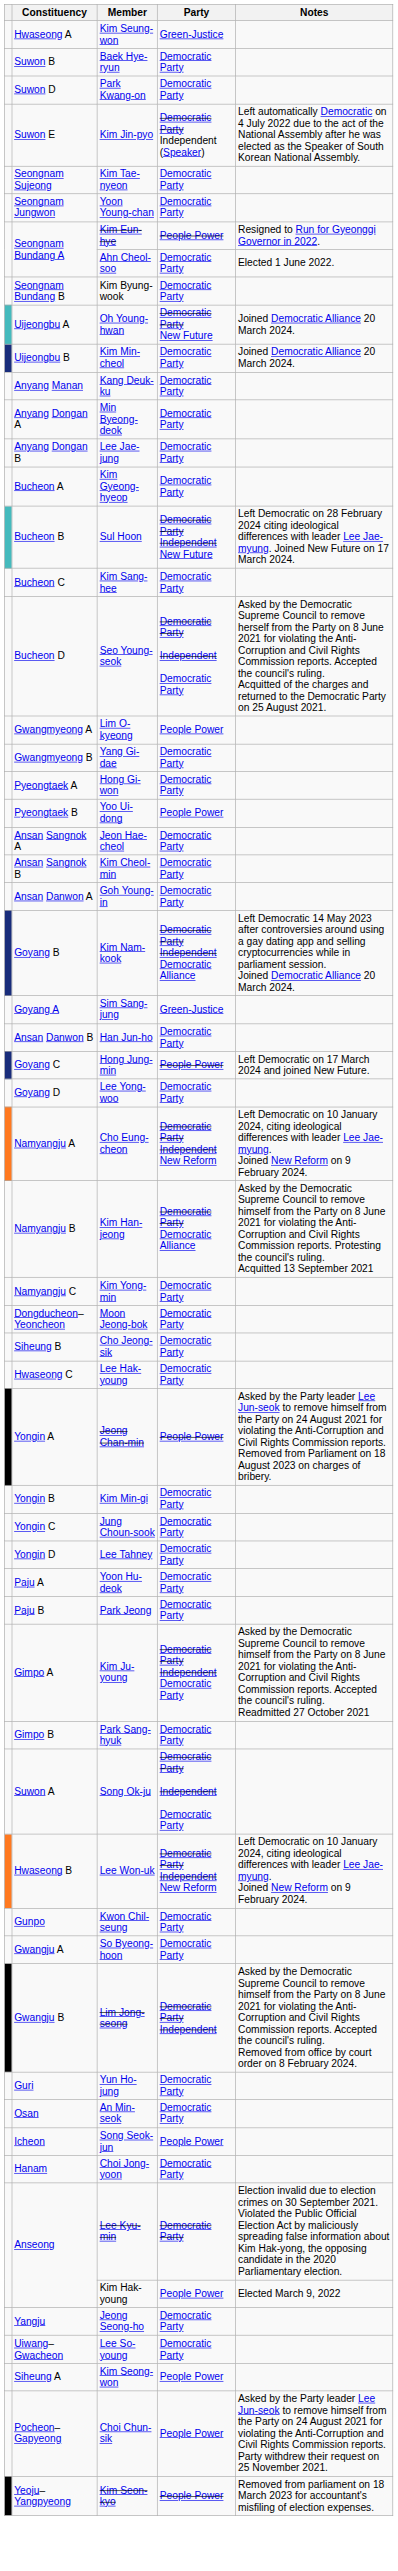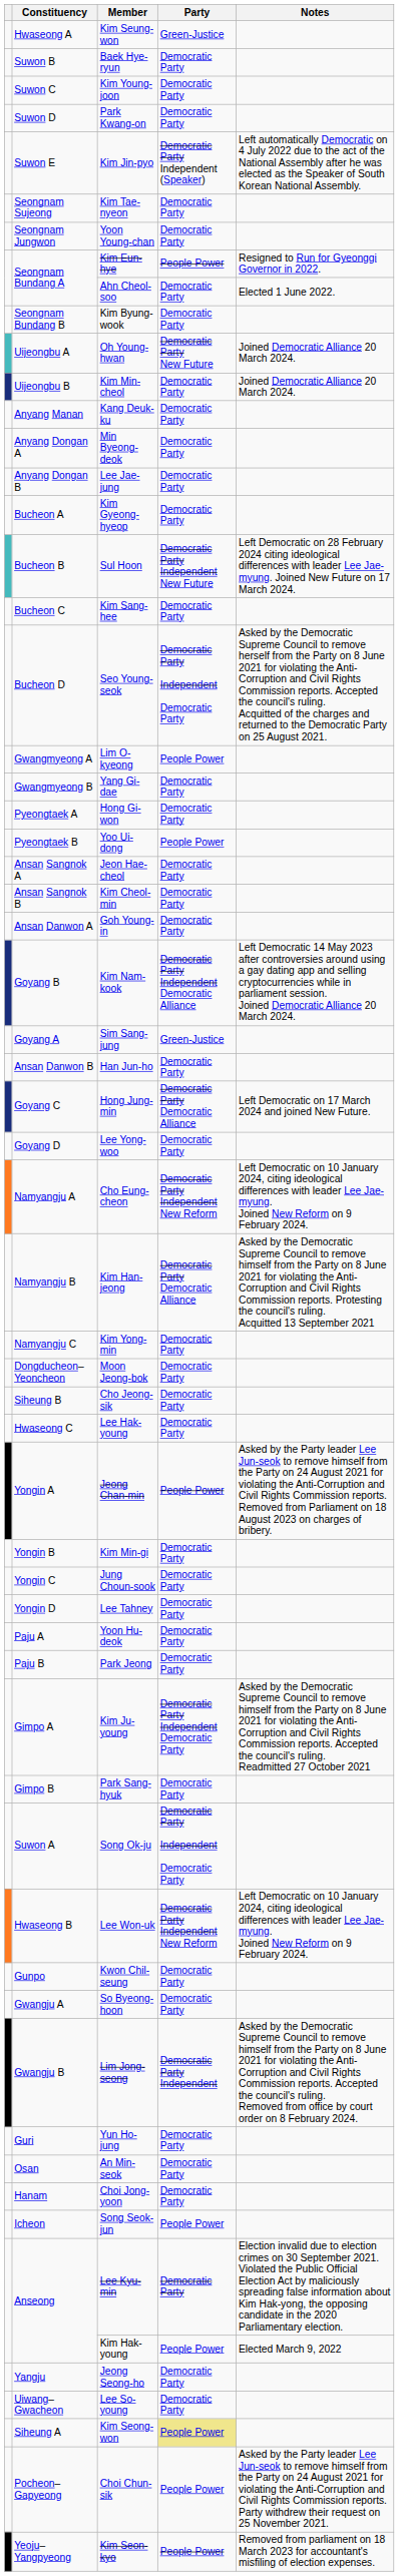 <table class="wikitable sortable">
 <tr>
 <th scope="col" style="width:10px;" class="unsortable"></th>
 <th scope="col" style="width:150px;">Constituency</th>
 <th scope="col" style="width:120px;">Member</th>
 <th scope="col" style="width:150px;">Party</th>
 <th scope="col" style="width:400px;" class="unsortable">Notes</th>
 </tr>
 <tr>
 <td scope="row" style="background-color:"></td>
 <td><a href='#'>Hwaseong</a> A</td>
 <td><a href='#'>Kim Seung-won</a></td>
 <td><a href='#'>Green-Justice</a></td>
 <td></td>
 </tr>
 <tr>
 <td scope="row" style="background-color:"></td>
 <td><a href='#'>Suwon</a> B</td>
 <td><a href='#'>Baek Hye-ryun</a></td>
+<td><a href='#'>Democratic Party</a></td>
+<td></td>
+</tr>
+<tr>
+<td scope="row" style="background-color:"></td>
+<td><a href='#'>Suwon</a> C</td>
+<td><a href='#'>Kim Young-joon</a></td>
 <td><a href='#'>Democratic Party</a></td>
 <td></td>
 </tr>
 <tr>
 <td scope="row" style="background-color:"></td>
 <td><a href='#'>Suwon</a> D</td>
 <td><a href='#'>Park Kwang-on</a></td>
 <td><a href='#'>Democratic Party</a></td>
 <td></td>
 </tr>
 <tr>
 <td scope="row" style="background-color:"></td>
 <td><a href='#'>Suwon</a> E</td>
 <td><a href='#'>Kim Jin-pyo</a></td>
 <td><s> <a href='#'>Democratic Party</a> </s> <br> Independent (<a href='#'>Speaker</a>)</td>
 <td>Left automatically <a href='#'>Democratic</a> on 4 July 2022 due to the act of the National Assembly after he was elected as the Speaker of South Korean National Assembly.</td>
 </tr>
 <tr>
 <td scope="row" style="background-color:"></td>
 <td><a href='#'>Seongnam</a> <a href='#'>Sujeong</a></td>
 <td><a href='#'>Kim Tae-nyeon</a></td>
 <td><a href='#'>Democratic Party</a></td>
 <td></td>
 </tr>
 <tr>
 <td scope="row" style="background-color:"></td>
 <td><a href='#'>Seongnam</a> <a href='#'>Jungwon</a></td>
 <td><a href='#'>Yoon Young-chan</a></td>
 <td><a href='#'>Democratic Party</a></td>
 <td></td>
 </tr>
 <tr>
 <td rowspan="2" scope="row" style="background-color:"></td>
 <td rowspan="2"><a href='#'>Seongnam Bundang A</a></td>
 <td><s><a href='#'>Kim Eun-hye</a></s></td>
 <td><s><a href='#'>People Power</a></s></td>
 <td>Resigned to <a href='#'>Run for Gyeonggi Governor in 2022</a>.</td>
 </tr>
 <tr>
 <td><a href='#'>Ahn Cheol-soo</a></td>
 <td><a href='#'>Democratic Party</a></td>
 <td>Elected 1 June 2022.</td>
 </tr>
 <tr>
 <td scope="row" style="background-color:"></td>
 <td><a href='#'>Seongnam</a> <a href='#'>Bundang</a> B</td>
 <td>Kim Byung-wook</td>
 <td><a href='#'>Democratic Party</a></td>
 <td></td>
 </tr>
 <tr>
 <td scope="row" style="background-color:#45BABD"></td>
 <td><a href='#'>Uijeongbu</a> A</td>
 <td><a href='#'>Oh Young-hwan</a></td>
 <td><s><a href='#'>Democratic Party</a></s><br> <a href='#'>New Future</a></td>
 <td>Joined <a href='#'>Democratic Alliance</a> 20 March 2024.</td>
 </tr>
 <tr>
 <td scope="row" style="background-color:#192D7B"></td>
 <td><a href='#'>Uijeongbu</a> B</td>
 <td><a href='#'>Kim Min-cheol</a></td>
 <td><a href='#'>Democratic Party</a></td>
 <td>Joined <a href='#'>Democratic Alliance</a> 20 March 2024.</td>
 </tr>
 <tr>
 <td scope="row" style="background-color:"></td>
 <td><a href='#'>Anyang</a> <a href='#'>Manan</a></td>
 <td><a href='#'>Kang Deuk-ku</a></td>
 <td><a href='#'>Democratic Party</a></td>
 <td></td>
 </tr>
 <tr>
 <td scope="row" style="background-color:"></td>
 <td><a href='#'>Anyang</a> <a href='#'>Dongan</a> A</td>
 <td><a href='#'>Min Byeong-deok</a></td>
 <td><a href='#'>Democratic Party</a></td>
 <td></td>
 </tr>
 <tr>
 <td scope="row" style="background-color:"></td>
 <td><a href='#'>Anyang</a> <a href='#'>Dongan</a> B</td>
 <td><a href='#'>Lee Jae-jung</a></td>
 <td><a href='#'>Democratic Party</a></td>
 <td></td>
 </tr>
 <tr>
 <td scope="row" style="background-color:"></td>
 <td><a href='#'>Bucheon</a> A</td>
 <td><a href='#'>Kim Gyeong-hyeop</a></td>
 <td><a href='#'>Democratic Party</a></td>
 <td></td>
 </tr>
 <tr>
 <td scope="row" style="background-color:#45BABD"></td>
 <td><a href='#'>Bucheon</a> B</td>
 <td><a href='#'>Sul Hoon</a></td>
 <td><s><a href='#'>Democratic Party</a></s><br><s><a href='#'>Independent</a></s><br> <a href='#'>New Future</a></td>
 <td>Left Democratic on 28 February 2024 citing ideological differences with leader <a href='#'>Lee Jae-myung</a>. Joined New Future on 17 March 2024.</td>
 </tr>
 <tr>
 <td scope="row" style="background-color:"></td>
 <td><a href='#'>Bucheon</a> C</td>
 <td><a href='#'>Kim Sang-hee</a></td>
 <td><a href='#'>Democratic Party</a></td>
 <td></td>
 </tr>
 <tr>
 <td scope="row" style="background-color:"></td>
 <td><a href='#'>Bucheon</a> D</td>
 <td><a href='#'>Seo Young-seok</a></td>
 <td><s><a href='#'>Democratic Party</a></s><br><s><br><a href='#'>Independent</a></s><br><br><a href='#'>Democratic Party</a></td>
 <td>Asked by the Democratic Supreme Council to remove herself from the Party on 8 June 2021 for violating the Anti-Corruption and Civil Rights Commission reports. Accepted the council's ruling.<br>Acquitted of the charges and returned to the Democratic Party on 25 August 2021.<br></td>
 </tr>
 <tr>
 <td scope="row" style="background-color:"></td>
 <td><a href='#'>Gwangmyeong</a> A</td>
 <td><a href='#'>Lim O-kyeong</a></td>
 <td><a href='#'>People Power</a></td>
 <td></td>
 </tr>
 <tr>
 <td scope="row" style="background-color:"></td>
 <td><a href='#'>Gwangmyeong</a> B</td>
 <td><a href='#'>Yang Gi-dae</a></td>
 <td><a href='#'>Democratic Party</a></td>
 <td></td>
 </tr>
 <tr>
 <td scope="row" style="background-color:"></td>
 <td><a href='#'>Pyeongtaek</a> A</td>
 <td><a href='#'>Hong Gi-won</a></td>
 <td><a href='#'>Democratic Party</a></td>
 <td></td>
 </tr>
 <tr>
 <td scope="row" style="background-color:"></td>
 <td><a href='#'>Pyeongtaek</a> B</td>
 <td><a href='#'>Yoo Ui-dong</a></td>
 <td><a href='#'>People Power</a></td>
 <td></td>
 </tr>
 <tr>
 <td scope="row" style="background-color:"></td>
 <td><a href='#'>Ansan</a> <a href='#'>Sangnok</a> A</td>
 <td><a href='#'>Jeon Hae-cheol</a></td>
 <td><a href='#'>Democratic Party</a></td>
 <td></td>
 </tr>
 <tr>
 <td scope="row" style="background-color:"></td>
 <td><a href='#'>Ansan</a> <a href='#'>Sangnok</a> B</td>
 <td><a href='#'>Kim Cheol-min</a></td>
 <td><a href='#'>Democratic Party</a></td>
 <td></td>
 </tr>
 <tr>
 <td scope="row" style="background-color:"></td>
 <td><a href='#'>Ansan</a> <a href='#'>Danwon</a> A</td>
 <td><a href='#'>Goh Young-in</a></td>
 <td><a href='#'>Democratic Party</a></td>
 <td></td>
 </tr>
 <tr>
 <td scope="row" style="background-color:#192D7B"></td>
 <td><a href='#'>Goyang</a> B</td>
 <td><a href='#'>Kim Nam-kook</a></td>
 <td><s><a href='#'>Democratic Party</a></s><br><s><a href='#'>Independent</a></s><br><a href='#'>Democratic Alliance</a></td>
 <td>Left Democratic 14 May 2023 after controversies around using a gay dating app and selling cryptocurrencies while in parliament session.<br>Joined <a href='#'>Democratic Alliance</a> 20 March 2024.</td>
 </tr>
 <tr>
 <td scope="row" style="background-color:"></td>
 <td><a href='#'>Goyang A</a></td>
 <td><a href='#'>Sim Sang-jung</a></td>
 <td><a href='#'>Green-Justice</a></td>
 <td></td>
 </tr>
 <tr>
 <td scope="row" style="background-color:"></td>
 <td><a href='#'>Ansan</a> <a href='#'>Danwon</a> B</td>
 <td><a href='#'>Han Jun-ho</a></td>
 <td><a href='#'>Democratic Party</a></td>
 <td></td>
 </tr>
 <tr>
 <td scope="row" style="background-color:#192D7B"></td>
 <td><a href='#'>Goyang</a> C</td>
 <td><a href='#'>Hong Jung-min</a></td>
-<td><s><a href='#'>People Power</a></s></td>
+<td><s><a href='#'>Democratic Party</a></s><br><a href='#'>Democratic Alliance</a></td>
 <td>Left Democratic on 17 March 2024 and joined New Future.</td>
 </tr>
 <tr>
 <td scope="row" style="background-color:"></td>
 <td><a href='#'>Goyang</a> D</td>
 <td><a href='#'>Lee Yong-woo</a></td>
 <td><a href='#'>Democratic Party</a></td>
 <td></td>
 </tr>
 <tr>
 <td scope="row" style="background-color:#FF7920"></td>
 <td><a href='#'>Namyangju</a> A</td>
 <td><a href='#'>Cho Eung-cheon</a></td>
 <td><s><a href='#'>Democratic Party</a></s> <br> <s> <a href='#'>Independent</a> </s> <br> <a href='#'>New Reform</a></td>
 <td>Left Democratic on 10 January 2024, citing ideological differences with leader <a href='#'>Lee Jae-myung</a>. <br> Joined <a href='#'>New Reform</a> on 9 February 2024.</td>
 </tr>
 <tr>
 <td scope="row" style="background-color:"></td>
 <td><a href='#'>Namyangju</a> B</td>
 <td><a href='#'>Kim Han-jeong</a></td>
 <td><s><a href='#'>Democratic Party</a></s><br><a href='#'>Democratic Alliance</a></td>
 <td>Asked by the Democratic Supreme Council to remove himself from the Party on 8 June 2021 for violating the Anti-Corruption and Civil Rights Commission reports. Protesting the council's ruling.<br>Acquitted 13 September 2021<br></td>
 </tr>
 <tr>
 <td scope="row" style="background-color:"></td>
 <td><a href='#'>Namyangju</a> C</td>
 <td><a href='#'>Kim Yong-min</a></td>
 <td><a href='#'>Democratic Party</a></td>
 <td></td>
 </tr>
 <tr>
 <td scope="row" style="background-color:"></td>
 <td><a href='#'>Dongducheon</a>–<a href='#'>Yeoncheon</a></td>
 <td><a href='#'>Moon Jeong-bok</a></td>
 <td><a href='#'>Democratic Party</a></td>
 <td></td>
 </tr>
 <tr>
 <td scope="row" style="background-color:"></td>
 <td><a href='#'>Siheung</a> B</td>
 <td><a href='#'>Cho Jeong-sik</a></td>
 <td><a href='#'>Democratic Party</a></td>
 <td></td>
 </tr>
 <tr>
 <td scope="row" style="background-color:"></td>
 <td><a href='#'>Hwaseong</a> C</td>
 <td><a href='#'>Lee Hak-young</a></td>
 <td><a href='#'>Democratic Party</a></td>
 <td></td>
 </tr>
 <tr>
 <td scope="row" style="background-color:black"></td>
 <td><a href='#'>Yongin</a> A</td>
 <td><s><a href='#'>Jeong Chan-min</a></s></td>
 <td><s><a href='#'>People Power</a></s></td>
 <td>Asked by the Party leader <a href='#'>Lee Jun-seok</a> to remove himself from the Party on 24 August 2021 for violating the Anti-Corruption and Civil Rights Commission reports. <br> Removed from Parliament on 18 August 2023 on charges of bribery.</td>
 </tr>
 <tr>
 <td scope="row" style="background-color:"></td>
 <td><a href='#'>Yongin</a> B</td>
 <td><a href='#'>Kim Min-gi</a></td>
 <td><a href='#'>Democratic Party</a></td>
 <td></td>
 </tr>
 <tr>
 <td scope="row" style="background-color:"></td>
 <td><a href='#'>Yongin</a> C</td>
 <td><a href='#'>Jung Choun-sook</a></td>
 <td><a href='#'>Democratic Party</a></td>
 <td></td>
 </tr>
 <tr>
 <td scope="row" style="background-color:"></td>
 <td><a href='#'>Yongin</a> D</td>
 <td><a href='#'>Lee Tahney</a></td>
 <td><a href='#'>Democratic Party</a></td>
 <td></td>
 </tr>
 <tr>
 <td scope="row" style="background-color:"></td>
 <td><a href='#'>Paju</a> A</td>
 <td><a href='#'>Yoon Hu-deok</a></td>
 <td><a href='#'>Democratic Party</a></td>
 <td></td>
 </tr>
 <tr>
 <td scope="row" style="background-color:"></td>
 <td><a href='#'>Paju</a> B</td>
 <td><a href='#'>Park Jeong</a></td>
 <td><a href='#'>Democratic Party</a></td>
 <td></td>
 </tr>
 <tr>
 <td scope="row" style="background-color:"></td>
 <td><a href='#'>Gimpo</a> A</td>
 <td><a href='#'>Kim Ju-young</a></td>
 <td><s><a href='#'>Democratic Party</a></s><br><s><a href='#'>Independent</a></s><br><a href='#'>Democratic Party</a></td>
 <td>Asked by the Democratic Supreme Council to remove himself from the Party on 8 June 2021 for violating the Anti-Corruption and Civil Rights Commission reports. Accepted the council's ruling.<br> Readmitted 27 October 2021</td>
 </tr>
 <tr>
 <td scope="row" style="background-color:"></td>
 <td><a href='#'>Gimpo</a> B</td>
 <td><a href='#'>Park Sang-hyuk</a></td>
 <td><a href='#'>Democratic Party</a></td>
 <td></td>
 </tr>
 <tr>
 <td scope="row" style="background-color:"></td>
 <td><a href='#'>Suwon</a> A</td>
 <td><a href='#'>Song Ok-ju</a></td>
 <td><s><a href='#'>Democratic Party</a></s><br><s><br><a href='#'>Independent</a></s><br><br><a href='#'>Democratic Party</a></td>
 <td></td>
 </tr>
 <tr>
 <td scope="row" style="background-color:#FF7920"></td>
 <td><a href='#'>Hwaseong</a> B</td>
 <td><a href='#'>Lee Won-uk</a></td>
 <td><s><a href='#'>Democratic Party</a></s> <br> <s> <a href='#'>Independent</a> </s><br> <a href='#'>New Reform</a></td>
 <td>Left Democratic on 10 January 2024, citing ideological differences with leader <a href='#'>Lee Jae-myung</a>.<br> Joined <a href='#'>New Reform</a> on 9 February 2024.</td>
 </tr>
 <tr>
 <td scope="row" style="background-color:"></td>
 <td><a href='#'>Gunpo</a></td>
 <td><a href='#'>Kwon Chil-seung</a></td>
 <td><a href='#'>Democratic Party</a></td>
 <td></td>
 </tr>
 <tr>
 <td scope="row" style="background-color:"></td>
 <td><a href='#'>Gwangju</a> A</td>
 <td><a href='#'>So Byeong-hoon</a></td>
 <td><a href='#'>Democratic Party</a></td>
 <td></td>
 </tr>
 <tr>
 <td scope="row" style="background-color:black"></td>
 <td><a href='#'>Gwangju</a> B</td>
 <td><s><a href='#'>Lim Jong-seong</a></s></td>
 <td><s><a href='#'>Democratic Party</a></s><br><s><a href='#'>Independent</a></s></td>
 <td>Asked by the Democratic Supreme Council to remove himself from the Party on 8 June 2021 for violating the Anti-Corruption and Civil Rights Commission reports. Accepted the council's ruling.<br> Removed from office by court order on 8 February 2024.</td>
 </tr>
 <tr>
 <td scope="row" style="background-color:"></td>
 <td><a href='#'>Guri</a></td>
 <td><a href='#'>Yun Ho-jung</a></td>
 <td><a href='#'>Democratic Party</a></td>
 <td></td>
 </tr>
 <tr>
 <td scope="row" style="background-color:"></td>
 <td><a href='#'>Osan</a></td>
 <td><a href='#'>An Min-seok</a></td>
 <td><a href='#'>Democratic Party</a></td>
 <td></td>
 </tr>
 <tr>
 <td scope="row" style="background-color:"></td>
-<td><a href='#'>Icheon</a></td>
-<td><a href='#'>Song Seok-jun</a></td>
-<td><a href='#'>People Power</a></td>
+<td><a href='#'>Hanam</a></td>
+<td><a href='#'>Choi Jong-yoon</a></td>
+<td><a href='#'>Democratic Party</a></td>
 <td></td>
 </tr>
 <tr>
 <td scope="row" style="background-color:"></td>
-<td><a href='#'>Hanam</a></td>
-<td><a href='#'>Choi Jong-yoon</a></td>
-<td><a href='#'>Democratic Party</a></td>
+<td><a href='#'>Icheon</a></td>
+<td><a href='#'>Song Seok-jun</a></td>
+<td><a href='#'>People Power</a></td>
 <td></td>
 </tr>
 <tr>
 <td rowspan="2" scope="row" style="background-color:"></td>
 <td rowspan="2"><a href='#'>Anseong</a></td>
 <td><s><a href='#'>Lee Kyu-min</a></s></td>
 <td><s><a href='#'>Democratic Party</a></s></td>
 <td>Election invalid due to election crimes on 30 September 2021. Violated the Public Official Election Act by maliciously spreading false information about Kim Hak-yong, the opposing candidate in the 2020 Parliamentary election.</td>
 </tr>
 <tr>
 <td>Kim Hak-young</td>
 <td><a href='#'>People Power</a></td>
 <td>Elected March 9, 2022</td>
 </tr>
 <tr>
 <td scope="row" style="background-color:"></td>
 <td><a href='#'>Yangju</a></td>
 <td><a href='#'>Jeong Seong-ho</a></td>
 <td><a href='#'>Democratic Party</a></td>
 <td></td>
 </tr>
 <tr>
 <td scope="row" style="background-color:"></td>
 <td><a href='#'>Uiwang</a>–<a href='#'>Gwacheon</a></td>
 <td><a href='#'>Lee So-young</a></td>
 <td><a href='#'>Democratic Party</a></td>
 <td></td>
 </tr>
 <tr>
 <td scope="row" style="background-color:"></td>
 <td><a href='#'>Siheung</a> A</td>
 <td><a href='#'>Kim Seong-won</a></td>
-<td><a href='#'>People Power</a></td>
+<td style="background: khaki;"><a href='#'>People Power</a></td>
 <td></td>
 </tr>
 <tr>
 <td scope="row" style="background-color:"></td>
 <td><a href='#'>Pocheon</a>–<a href='#'>Gapyeong</a></td>
 <td><a href='#'>Choi Chun-sik</a></td>
 <td><a href='#'>People Power</a></td>
 <td>Asked by the Party leader <a href='#'>Lee Jun-seok</a> to remove himself from the Party on 24 August 2021 for violating the Anti-Corruption and Civil Rights Commission reports. <br> Party withdrew their request on 25 November 2021.</td>
 </tr>
 <tr>
 <td scope="row" style="background-color:black"></td>
 <td><a href='#'>Yeoju</a>–<a href='#'>Yangpyeong</a></td>
 <td><s><a href='#'>Kim Seon-kyo</a></s></td>
 <td><s><a href='#'>People Power</a></s></td>
 <td>Removed from parliament on 18 March 2023 for accountant's misfiling of election expenses.</td>
 </tr>
 </table>
